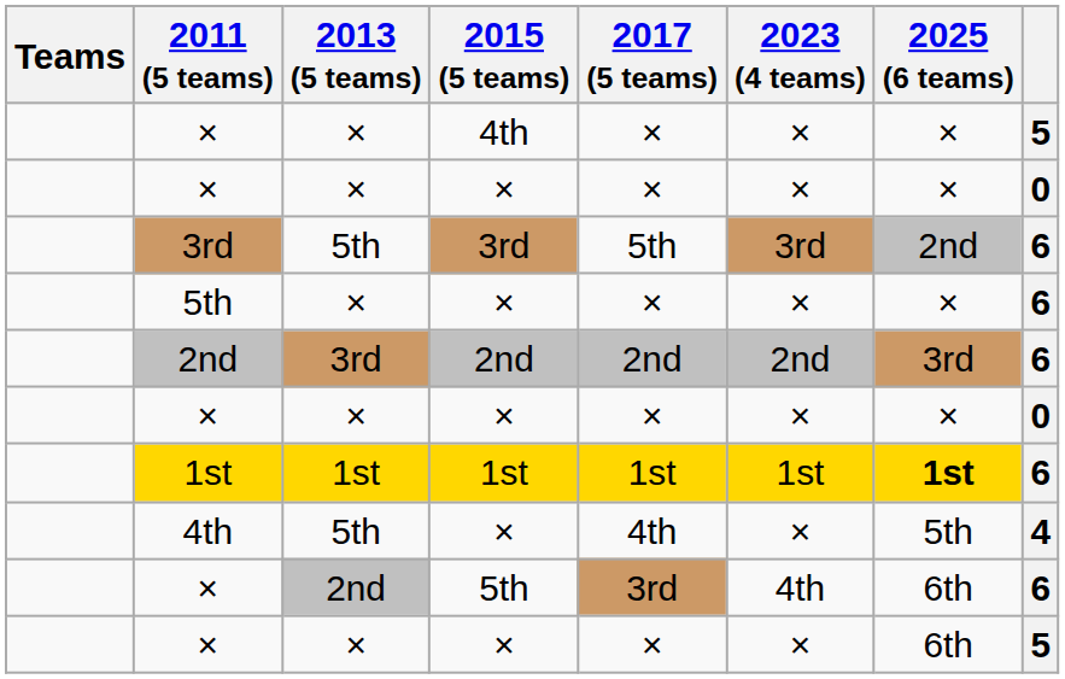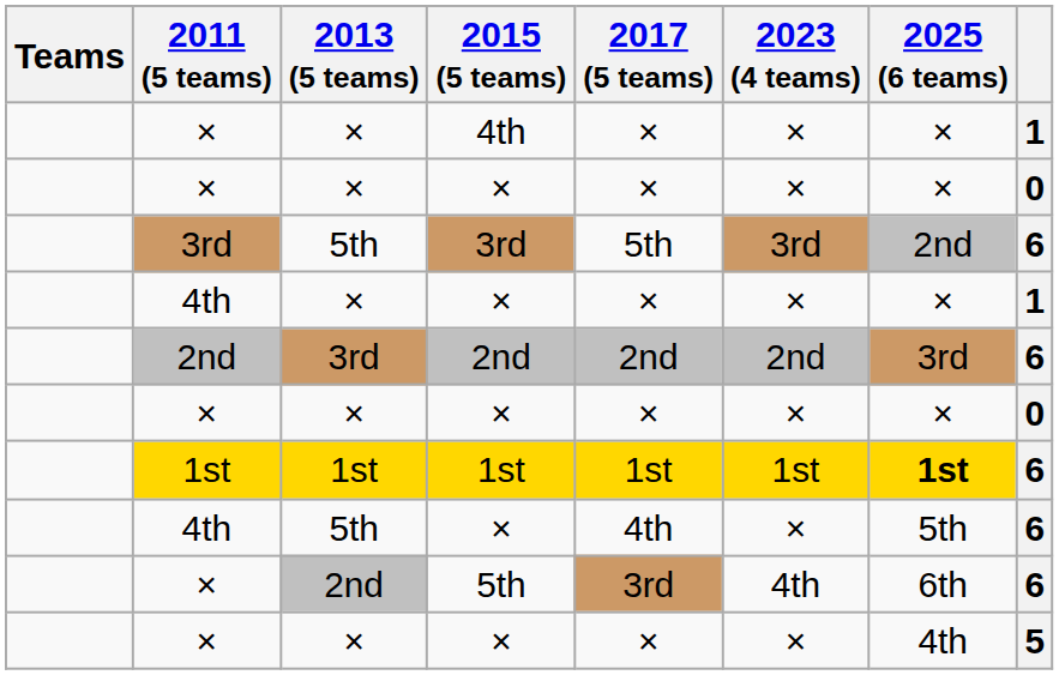 <table class="wikitable" style="font-size:95%; text-align: center;">
 <tr>
 <th>Teams</th>
 <th><a href='#'>2011</a><br><small>(5 teams)</small></th>
 <th><a href='#'>2013</a><br><small>(5 teams)</small></th>
 <th><a href='#'>2015</a><br><small>(5 teams)</small></th>
 <th><a href='#'>2017</a><br><small>(5 teams)</small></th>
 <th><a href='#'>2023</a><br><small>(4 teams)</small></th>
 <th><a href='#'>2025</a><br><small>(6 teams)</small></th>
 <th></th>
 </tr>
 <tr>
 <td align="left"></td>
 <td>×</td>
 <td>×</td>
 <td>4th</td>
 <td>×</td>
 <td>×</td>
 <td>×</td>
-<th>5</th>
+<th>1</th>
 </tr>
 <tr>
 <td align="left"></td>
 <td>×</td>
 <td>×</td>
 <td>×</td>
 <td>×</td>
 <td>×</td>
 <td>×</td>
 <th>0</th>
 </tr>
 <tr>
 <td align="left"></td>
 <td style="background:#cc9966;">3rd</td>
 <td>5th</td>
 <td style="background:#cc9966;">3rd</td>
 <td>5th</td>
 <td style="background:#cc9966;">3rd</td>
 <td style="background:silver;">2nd</td>
 <th>6</th>
 </tr>
 <tr>
 <td align="left"></td>
-<td>5th</td>
+<td>4th</td>
 <td>×</td>
 <td>×</td>
 <td>×</td>
 <td>×</td>
 <td>×</td>
-<th>6</th>
+<th>1</th>
 </tr>
 <tr>
 <td align="left"></td>
 <td style="background:silver;">2nd</td>
 <td style="background:#cc9966;">3rd</td>
 <td style="background:silver;">2nd</td>
 <td style="background:silver;">2nd</td>
 <td style="background:silver;">2nd</td>
 <td style="background:#cc9966;">3rd</td>
 <th>6</th>
 </tr>
 <tr>
 <td align="left"></td>
 <td>×</td>
 <td>×</td>
 <td>×</td>
 <td>×</td>
 <td>×</td>
 <td>×</td>
 <th>0</th>
 </tr>
 <tr>
 <td align="left"></td>
 <td style="background:gold;">1st</td>
 <td style="background:gold;">1st</td>
 <td style="background:gold;">1st</td>
 <td style="background:gold;">1st</td>
 <td style="background:gold;">1st</td>
 <td style="background:gold;"><strong>1st</strong></td>
 <th>6</th>
 </tr>
 <tr>
 <td align="left"></td>
 <td>4th</td>
 <td>5th</td>
 <td>×</td>
 <td>4th</td>
 <td>×</td>
 <td>5th</td>
-<th>4</th>
+<th>6</th>
 </tr>
 <tr>
 <td align="left"></td>
 <td>×</td>
 <td style="background:silver;">2nd</td>
 <td>5th</td>
 <td style="background:#cc9966;">3rd</td>
 <td>4th</td>
 <td>6th</td>
 <th>6</th>
 </tr>
 <tr>
 <td align="left"></td>
 <td>×</td>
 <td>×</td>
 <td>×</td>
 <td>×</td>
 <td>×</td>
-<td>6th</td>
+<td>4th</td>
 <th>5</th>
 </tr>
 </table>
